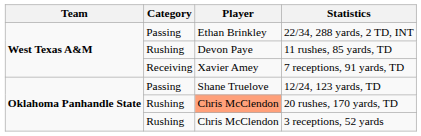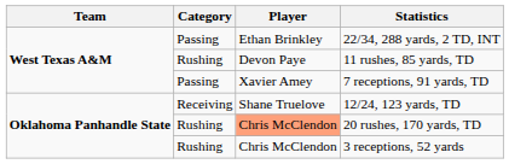 <table class="wikitable" style="float: right;">
 <tr>
 <th>Team</th>
 <th>Category</th>
 <th>Player</th>
 <th>Statistics</th>
 </tr>
 <tr>
 <td rowspan=3><strong>West Texas A&M</strong></td>
 <td>Passing</td>
 <td>Ethan Brinkley</td>
 <td>22/34, 288 yards, 2 TD, INT</td>
 </tr>
 <tr>
 <td>Rushing</td>
 <td>Devon Paye</td>
 <td>11 rushes, 85 yards, TD</td>
 </tr>
 <tr>
-<td>Receiving</td>
+<td>Passing</td>
 <td>Xavier Amey</td>
 <td>7 receptions, 91 yards, TD</td>
 </tr>
 <tr>
 <td rowspan=3><strong>Oklahoma Panhandle State</strong></td>
-<td>Passing</td>
+<td>Receiving</td>
 <td>Shane Truelove</td>
 <td>12/24, 123 yards, TD</td>
 </tr>
 <tr>
 <td>Rushing</td>
 <td style="background: lightsalmon;">Chris McClendon</td>
 <td>20 rushes, 170 yards, TD</td>
 </tr>
 <tr>
 <td>Rushing</td>
 <td>Chris McClendon</td>
 <td>3 receptions, 52 yards</td>
 </tr>
 </table>
